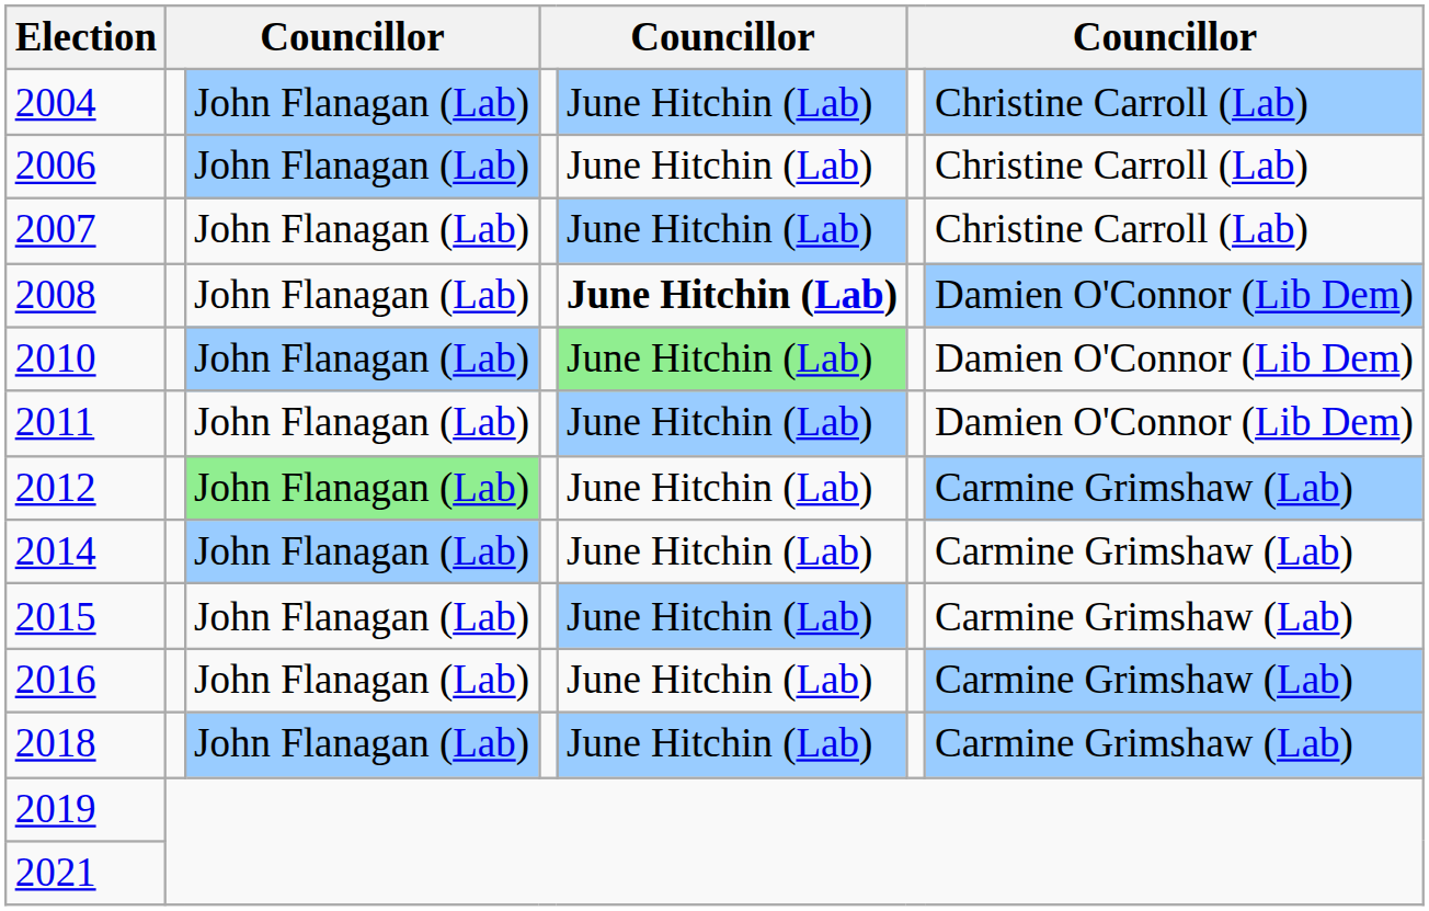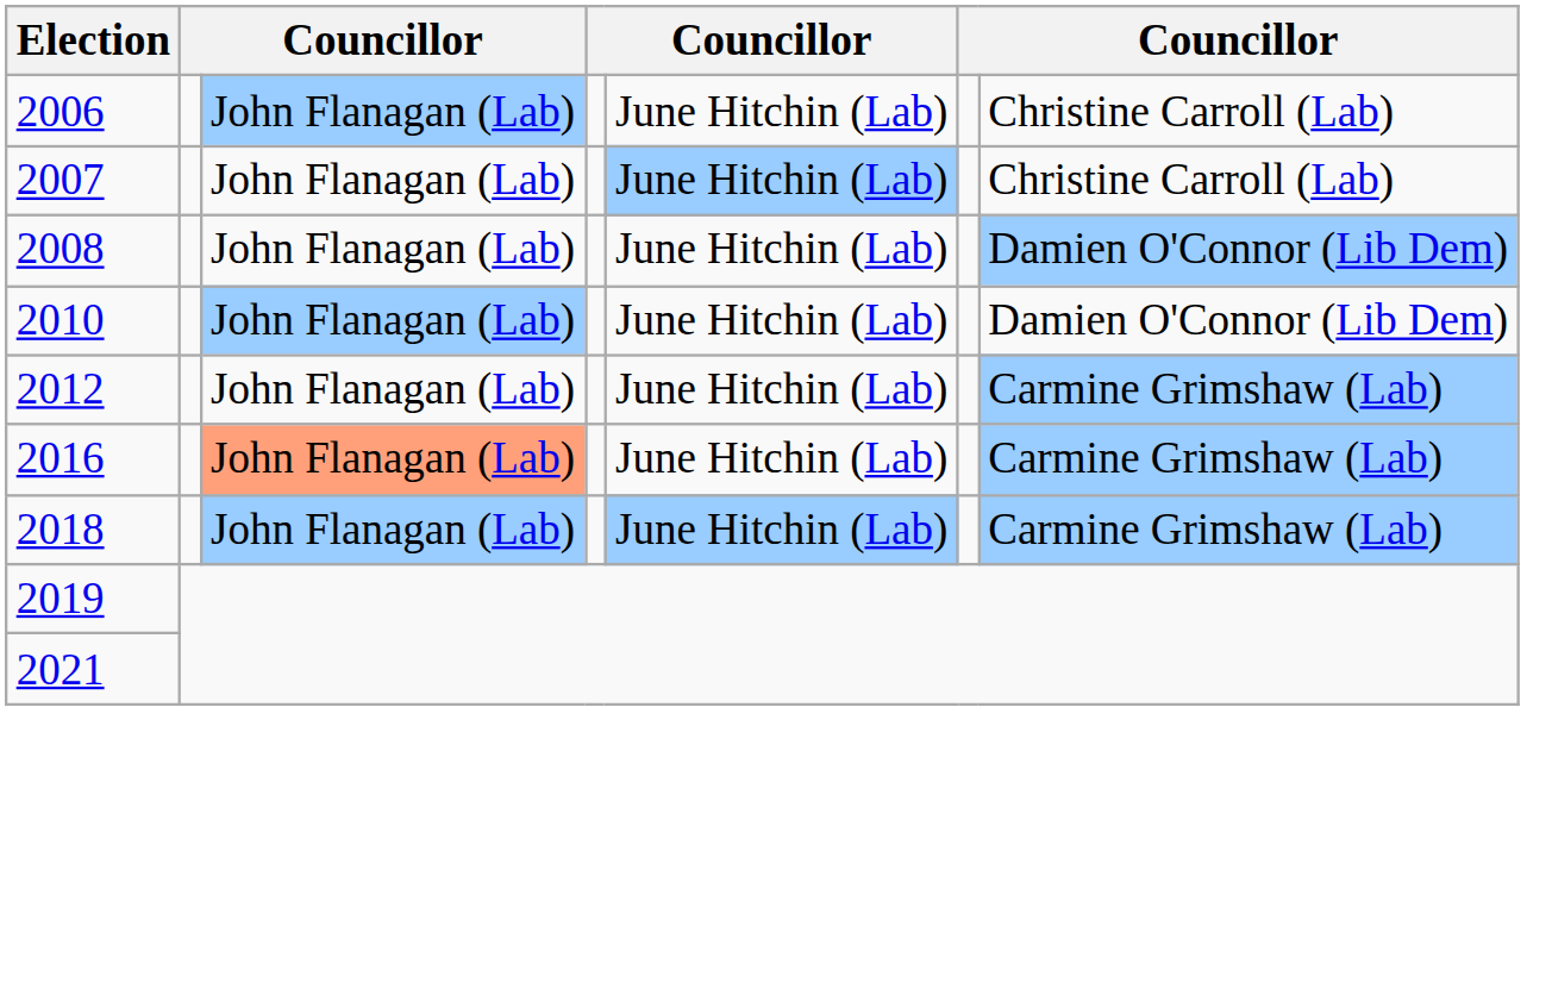 <table class="wikitable">
 <tr>
 <th>Election</th>
 <th colspan="2">Councillor</th>
 <th colspan="2">Councillor</th>
 <th colspan="2">Councillor</th>
-</tr>
-<tr>
-<td><a href='#'>2004</a></td>
-<td style="background-color: "></td>
-<td bgcolor="#99CCFF">John Flanagan (<a href='#'>Lab</a>)</td>
-<td style="background-color: "></td>
-<td bgcolor="#99CCFF">June Hitchin (<a href='#'>Lab</a>)</td>
-<td style="background-color: "></td>
-<td bgcolor="#99CCFF">Christine Carroll (<a href='#'>Lab</a>)</td>
 </tr>
 <tr>
 <td><a href='#'>2006</a></td>
 <td style="background-color: "></td>
 <td bgcolor="#99CCFF">John Flanagan (<a href='#'>Lab</a>)</td>
 <td style="background-color: "></td>
 <td>June Hitchin (<a href='#'>Lab</a>)</td>
 <td style="background-color: "></td>
 <td>Christine Carroll (<a href='#'>Lab</a>)</td>
 </tr>
 <tr>
 <td><a href='#'>2007</a></td>
 <td style="background-color: "></td>
 <td>John Flanagan (<a href='#'>Lab</a>)</td>
 <td style="background-color: "></td>
 <td bgcolor="#99CCFF">June Hitchin (<a href='#'>Lab</a>)</td>
 <td style="background-color: "></td>
 <td>Christine Carroll (<a href='#'>Lab</a>)</td>
 </tr>
 <tr>
 <td><a href='#'>2008</a></td>
 <td style="background-color: "></td>
 <td>John Flanagan (<a href='#'>Lab</a>)</td>
 <td style="background-color: "></td>
-<td><strong>June Hitchin (<a href='#'>Lab</a>)</strong></td>
+<td>June Hitchin (<a href='#'>Lab</a>)</td>
 <td style="background-color: "></td>
 <td bgcolor="#99CCFF">Damien O'Connor (<a href='#'>Lib Dem</a>)</td>
 </tr>
 <tr>
 <td><a href='#'>2010</a></td>
 <td style="background-color: "></td>
 <td bgcolor="#99CCFF">John Flanagan (<a href='#'>Lab</a>)</td>
 <td style="background-color: "></td>
-<td style="background: lightgreen;">June Hitchin (<a href='#'>Lab</a>)</td>
-<td style="background-color: "></td>
-<td>Damien O'Connor (<a href='#'>Lib Dem</a>)</td>
-</tr>
-<tr>
-<td><a href='#'>2011</a></td>
-<td style="background-color: "></td>
-<td>John Flanagan (<a href='#'>Lab</a>)</td>
-<td style="background-color: "></td>
-<td bgcolor="#99CCFF">June Hitchin (<a href='#'>Lab</a>)</td>
+<td>June Hitchin (<a href='#'>Lab</a>)</td>
 <td style="background-color: "></td>
 <td>Damien O'Connor (<a href='#'>Lib Dem</a>)</td>
 </tr>
 <tr>
 <td><a href='#'>2012</a></td>
 <td style="background-color: "></td>
-<td style="background: lightgreen;">John Flanagan (<a href='#'>Lab</a>)</td>
+<td>John Flanagan (<a href='#'>Lab</a>)</td>
 <td style="background-color: "></td>
 <td>June Hitchin (<a href='#'>Lab</a>)</td>
 <td style="background-color: "></td>
 <td bgcolor="#99CCFF">Carmine Grimshaw (<a href='#'>Lab</a>)</td>
 </tr>
 <tr>
-<td><a href='#'>2014</a></td>
-<td style="background-color: "></td>
-<td bgcolor="#99CCFF">John Flanagan (<a href='#'>Lab</a>)</td>
-<td style="background-color: "></td>
-<td>June Hitchin (<a href='#'>Lab</a>)</td>
-<td style="background-color: "></td>
-<td>Carmine Grimshaw (<a href='#'>Lab</a>)</td>
-</tr>
-<tr>
-<td><a href='#'>2015</a></td>
-<td style="background-color: "></td>
-<td>John Flanagan (<a href='#'>Lab</a>)</td>
-<td style="background-color: "></td>
-<td bgcolor="#99CCFF">June Hitchin (<a href='#'>Lab</a>)</td>
-<td style="background-color: "></td>
-<td>Carmine Grimshaw (<a href='#'>Lab</a>)</td>
-</tr>
-<tr>
 <td><a href='#'>2016</a></td>
 <td style="background-color: "></td>
-<td>John Flanagan (<a href='#'>Lab</a>)</td>
+<td style="background: lightsalmon;">John Flanagan (<a href='#'>Lab</a>)</td>
 <td style="background-color: "></td>
 <td>June Hitchin (<a href='#'>Lab</a>)</td>
 <td style="background-color: "></td>
 <td bgcolor="#99CCFF">Carmine Grimshaw (<a href='#'>Lab</a>)</td>
 </tr>
 <tr>
 <td><a href='#'>2018</a></td>
 <td style="background-color: "></td>
 <td bgcolor="#99CCFF">John Flanagan (<a href='#'>Lab</a>)</td>
 <td style="background-color: "></td>
 <td bgcolor="#99CCFF">June Hitchin (<a href='#'>Lab</a>)</td>
 <td style="background-color: "></td>
 <td bgcolor="#99CCFF">Carmine Grimshaw (<a href='#'>Lab</a>)</td>
 </tr>
 <tr>
 <td><a href='#'>2019</a><br>  </td>
 </tr>
 <tr>
 <td><a href='#'>2021</a><br>  </td>
 </tr>
 </table>
